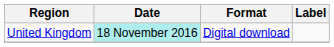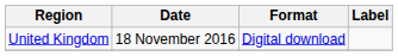 <table class=wikitable>
 <tr>
 <th>Region</th>
 <th>Date</th>
 <th>Format</th>
 <th>Label</th>
 </tr>
 <tr>
 <td><a href='#'>United Kingdom</a></td>
-<td style="background: paleturquoise;">18 November 2016</td>
+<td>18 November 2016</td>
 <td><a href='#'>Digital download</a></td>
 <td></td>
 </tr>
 <tr>
 </tr>
 </table>
